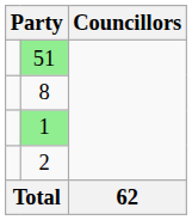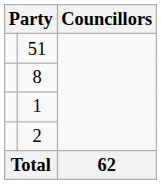 <table class="wikitable">
 <tr>
 <th colspan=2>Party</th>
 <th>Councillors</th>
 </tr>
 <tr>
 <td></td>
-<td align=center style="background: lightgreen;">51</td>
+<td align=center>51</td>
 </tr>
 <tr>
 <td></td>
 <td align=center>8</td>
 </tr>
 <tr>
 <td></td>
-<td align=center style="background: lightgreen;">1</td>
+<td align=center>1</td>
 </tr>
 <tr>
 <td></td>
 <td align=center>2</td>
 </tr>
 <tr>
 <th colspan=2>Total</th>
 <th>62</th>
 </tr>
 </table>
